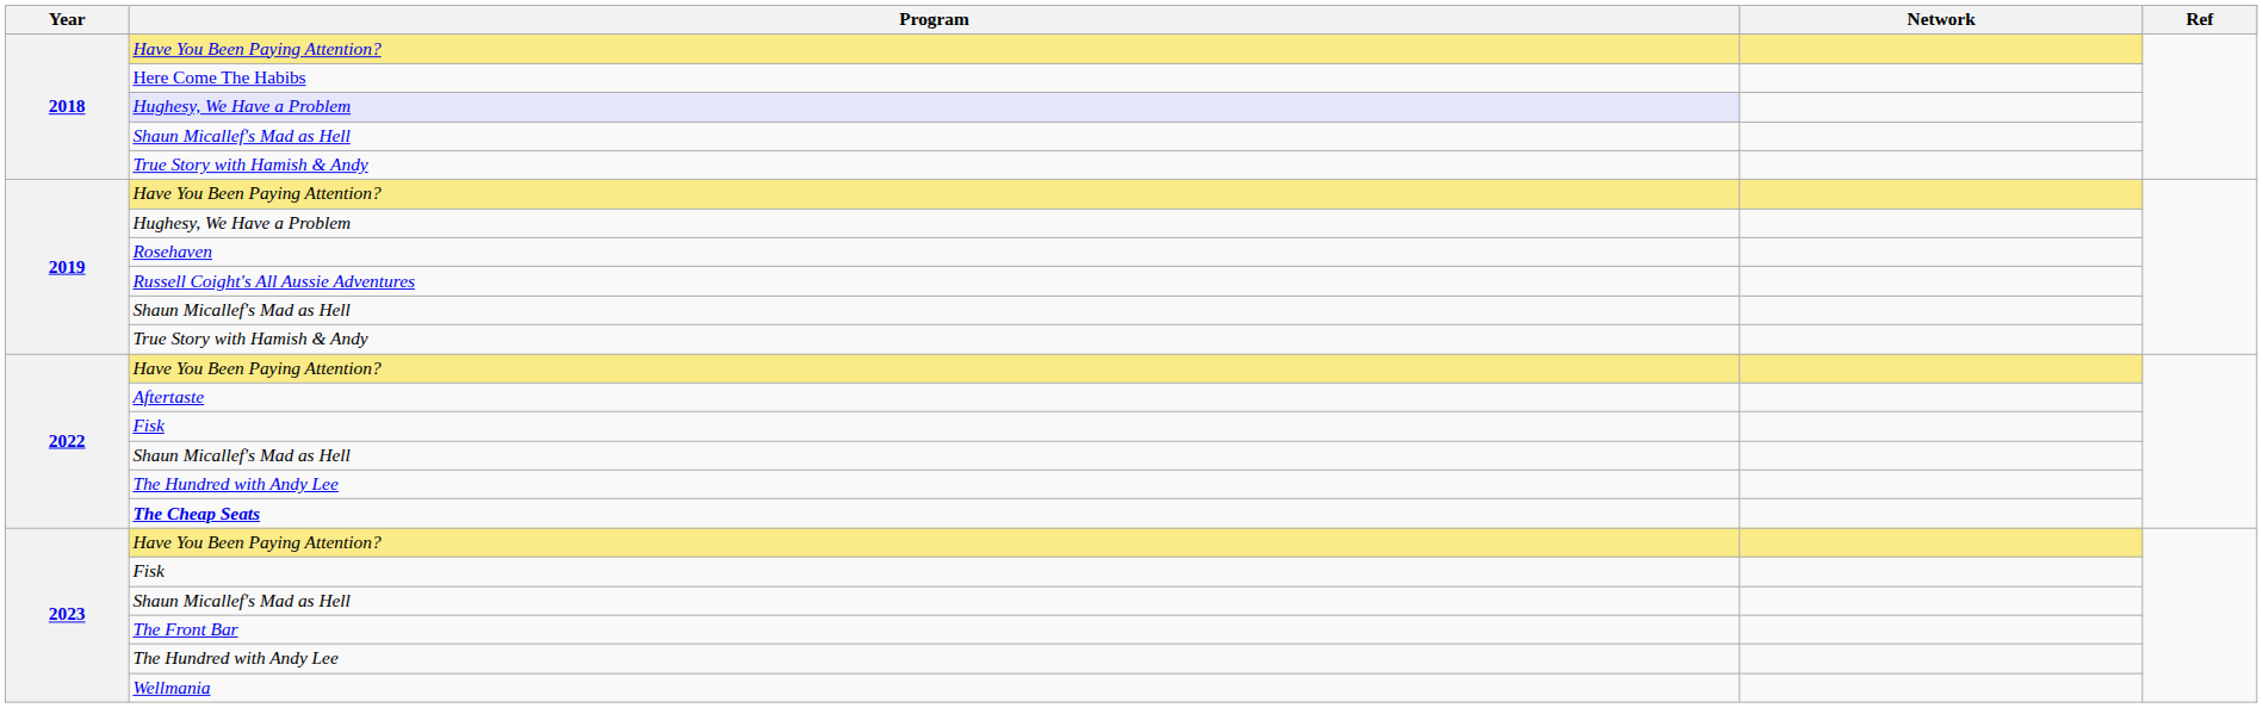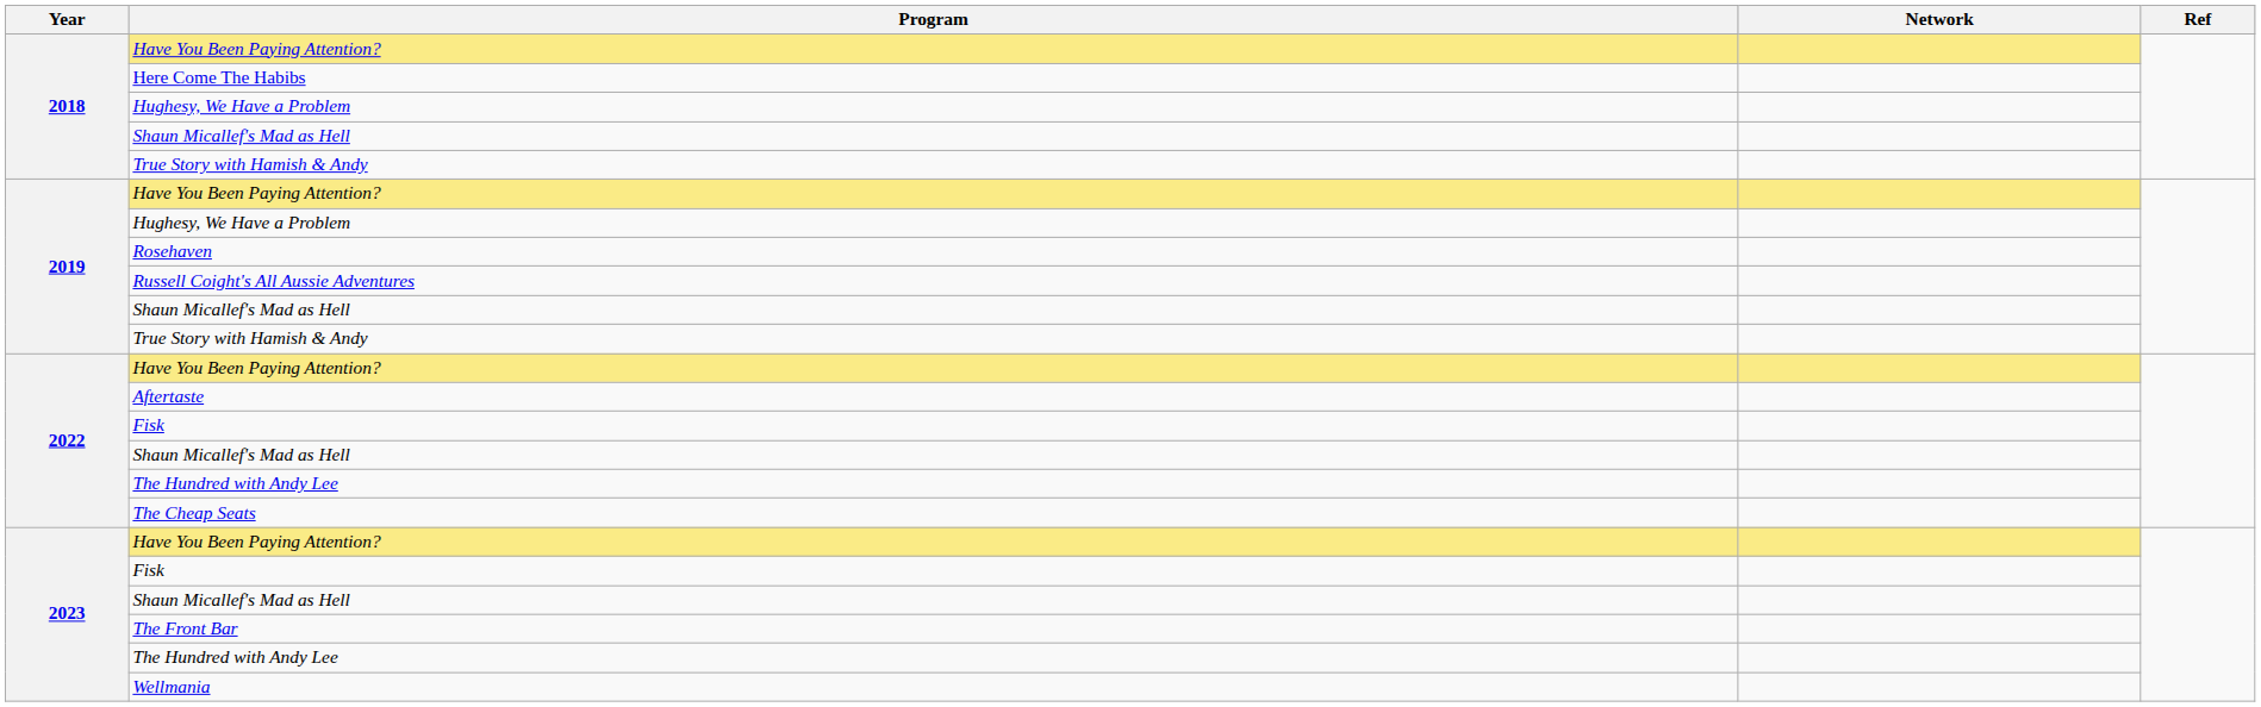 <table class="wikitable sortable">
 <tr style="background:#bebebe;">
 <th scope="col" style="width:1%;">Year</th>
 <th scope="col" style="width:16%;">Program</th>
 <th scope="col" style="width:4%;">Network</th>
 <th scope="col" style="width:1%;" class="unsortable">Ref</th>
 </tr>
 <tr>
 <th scope="row" rowspan="5" style="text-align:center"><a href='#'>2018</a></th>
 <td style="background:#FAEB86"><em><a href='#'>Have You Been Paying Attention?</a></em></td>
 <td style="background:#FAEB86"></td>
 <td rowspan="5"></td>
 </tr>
 <tr>
 <td><a href='#'>Here Come The Habibs</a></td>
 <td></td>
 </tr>
 <tr>
-<td style="background: lavender;"><em><a href='#'>Hughesy, We Have a Problem</a></em></td>
+<td><em><a href='#'>Hughesy, We Have a Problem</a></em></td>
 <td></td>
 </tr>
 <tr>
 <td><em><a href='#'>Shaun Micallef's Mad as Hell</a></em></td>
 <td></td>
 </tr>
 <tr>
 <td><em><a href='#'>True Story with Hamish & Andy</a></em></td>
 <td></td>
 </tr>
 <tr>
 <th scope="row" rowspan="6" style="text-align:center"><a href='#'>2019</a></th>
 <td style="background:#FAEB86"><em>Have You Been Paying Attention?</em></td>
 <td style="background:#FAEB86"></td>
 <td rowspan="6"></td>
 </tr>
 <tr>
 <td><em>Hughesy, We Have a Problem</em></td>
 <td></td>
 </tr>
 <tr>
 <td><em><a href='#'>Rosehaven</a></em></td>
 <td></td>
 </tr>
 <tr>
 <td><em><a href='#'>Russell Coight's All Aussie Adventures</a></em></td>
 <td></td>
 </tr>
 <tr>
 <td><em>Shaun Micallef's Mad as Hell</em></td>
 <td></td>
 </tr>
 <tr>
 <td><em>True Story with Hamish & Andy</em></td>
 <td></td>
 </tr>
 <tr>
 <th scope="row" rowspan="6" style="text-align:center"><a href='#'>2022</a></th>
 <td style="background:#FAEB86"><em>Have You Been Paying Attention?</em></td>
 <td style="background:#FAEB86"></td>
 <td rowspan="6"></td>
 </tr>
 <tr>
 <td><em><a href='#'>Aftertaste</a></em></td>
 <td></td>
 </tr>
 <tr>
 <td><em><a href='#'>Fisk</a></em></td>
 <td></td>
 </tr>
 <tr>
 <td><em>Shaun Micallef's Mad as Hell</em></td>
 <td></td>
 </tr>
 <tr>
 <td><em><a href='#'>The Hundred with Andy Lee</a></em></td>
 <td></td>
 </tr>
 <tr>
-<td><strong><em><a href='#'>The Cheap Seats</a></em></strong></td>
+<td><em><a href='#'>The Cheap Seats</a></em></td>
 <td></td>
 </tr>
 <tr>
 <th rowspan="6"><a href='#'>2023</a></th>
 <td style="background:#FAEB86"><em>Have You Been Paying Attention?</em></td>
 <td style="background:#FAEB86"></td>
 <td rowspan="6"></td>
 </tr>
 <tr>
 <td><em>Fisk</em></td>
 <td></td>
 </tr>
 <tr>
 <td><em>Shaun Micallef's Mad as Hell</em></td>
 <td></td>
 </tr>
 <tr>
 <td><em><a href='#'>The Front Bar</a></em></td>
 <td></td>
 </tr>
 <tr>
 <td><em>The Hundred with Andy Lee</em></td>
 <td></td>
 </tr>
 <tr>
 <td><em><a href='#'>Wellmania</a></em></td>
 <td></td>
 </tr>
 </table>
